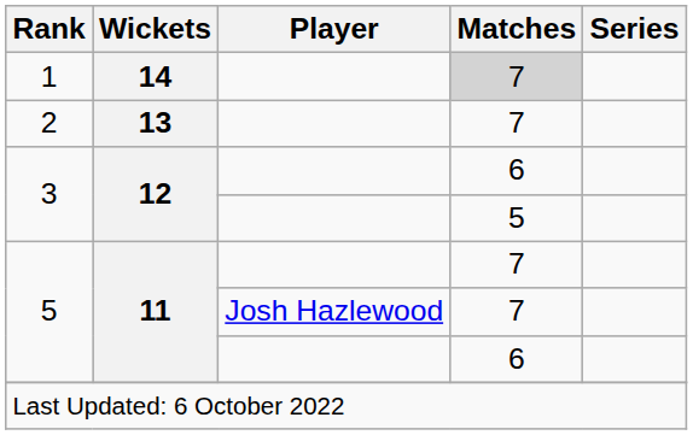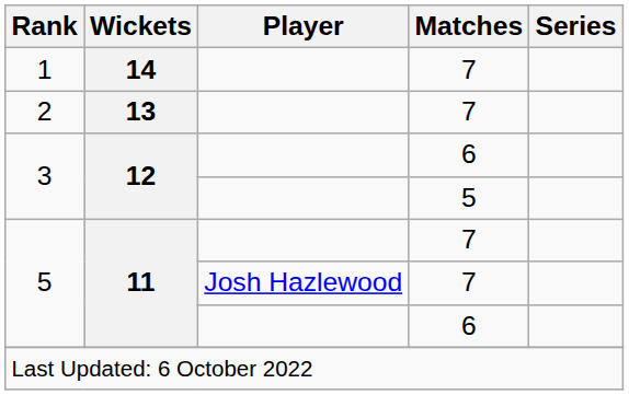 <table class="wikitable plainrowheaders sortable">
 <tr>
 <th scope=col>Rank</th>
 <th scope=col>Wickets</th>
 <th scope=col>Player</th>
 <th scope=col>Matches</th>
 <th scope=col>Series</th>
 </tr>
 <tr>
 <td align=center>1</td>
 <th scope=row style=text-align:center;>14</th>
 <td></td>
-<td align=center style="background: lightgrey;">7</td>
+<td align=center>7</td>
 <td></td>
 </tr>
 <tr>
 <td align=center>2</td>
 <th scope=row style=text-align:center;>13</th>
 <td></td>
 <td align=center>7</td>
 <td></td>
 </tr>
 <tr>
 <td align=center rowspan=2>3</td>
 <th scope=row style=text-align:center; rowspan=2>12</th>
 <td></td>
 <td align=center>6</td>
 <td></td>
 </tr>
 <tr>
 <td></td>
 <td align=center>5</td>
 <td></td>
 </tr>
 <tr>
 <td align=center rowspan=3>5</td>
 <th scope=row style=text-align:center; rowspan=3>11</th>
 <td></td>
 <td align=center>7</td>
 <td></td>
 </tr>
 <tr>
 <td><a href='#'>Josh Hazlewood</a></td>
 <td align=center>7</td>
 <td></td>
 </tr>
 <tr>
 <td></td>
 <td align=center>6</td>
 <td></td>
 </tr>
 <tr>
 </tr>
 <tr class=sortbottom>
 <td colspan=5><small>Last Updated: 6 October 2022</small></td>
 </tr>
 </table>
